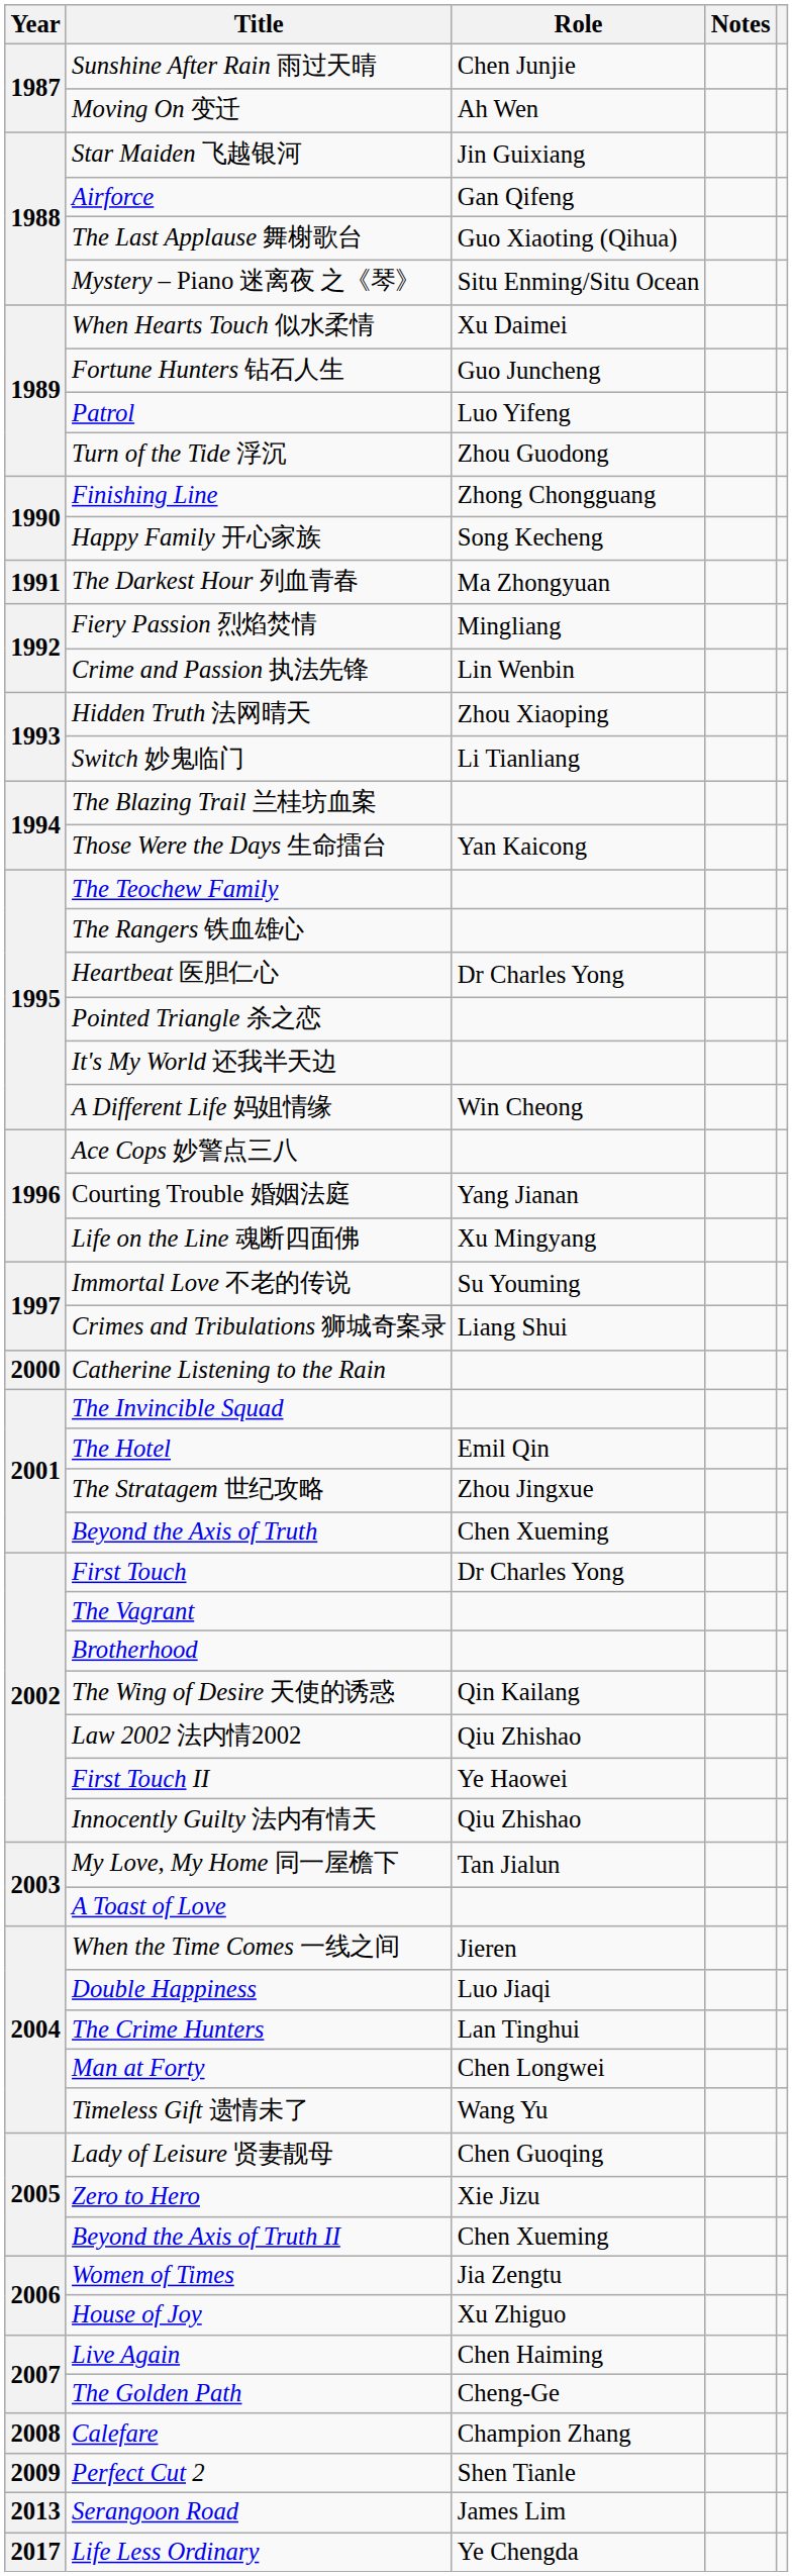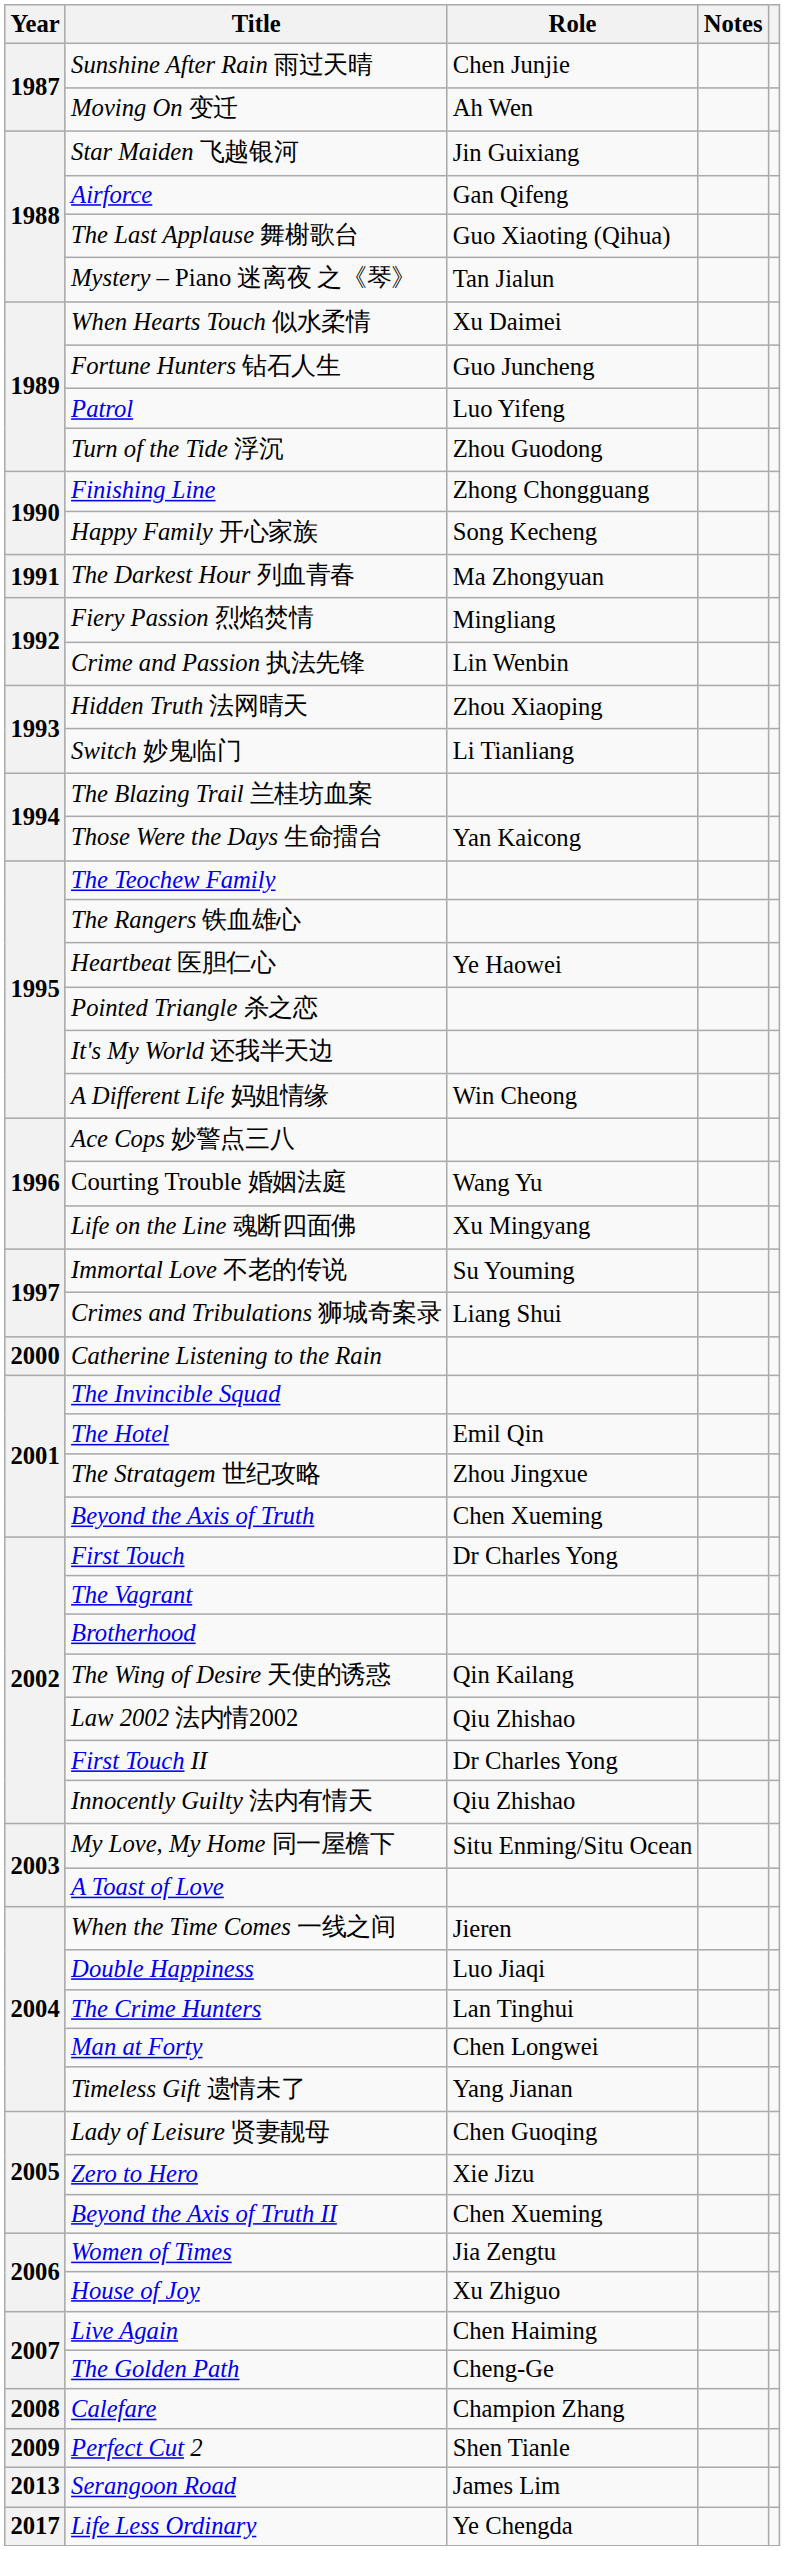 <table class="wikitable sortable plainrowheaders">
 <tr>
 <th scope="col">Year</th>
 <th scope="col">Title</th>
 <th scope="col">Role</th>
 <th scope="col" class="unsortable">Notes</th>
 <th scope="col" class="unsortable"></th>
 </tr>
 <tr>
 <th scope="row" rowspan="2">1987</th>
 <td><em>Sunshine After Rain</em> 雨过天晴</td>
 <td>Chen Junjie</td>
 <td></td>
 <td></td>
 </tr>
 <tr>
 <td><em>Moving On</em> 变迁</td>
 <td>Ah Wen</td>
 <td></td>
 <td></td>
 </tr>
 <tr>
 <th scope="row" rowspan="4">1988</th>
 <td><em>Star Maiden</em> 飞越银河</td>
 <td>Jin Guixiang</td>
 <td></td>
 <td></td>
 </tr>
 <tr>
 <td><em><a href='#'>Airforce</a></em></td>
 <td>Gan Qifeng</td>
 <td></td>
 <td></td>
 </tr>
 <tr>
 <td><em>The Last Applause</em> 舞榭歌台</td>
 <td>Guo Xiaoting (Qihua)</td>
 <td></td>
 <td></td>
 </tr>
 <tr>
 <td><em>Mystery</em> – Piano 迷离夜 之《琴》</td>
-<td>Situ Enming/Situ Ocean</td>
+<td>Tan Jialun</td>
 <td></td>
 <td></td>
 </tr>
 <tr>
 <th scope="row" rowspan="4">1989</th>
 <td><em>When Hearts Touch</em> 似水柔情</td>
 <td>Xu Daimei</td>
 <td></td>
 <td></td>
 </tr>
 <tr>
 <td><em>Fortune Hunters</em> 钻石人生</td>
 <td>Guo Juncheng</td>
 <td></td>
 <td></td>
 </tr>
 <tr>
 <td><em><a href='#'>Patrol</a></em></td>
 <td>Luo Yifeng</td>
 <td></td>
 <td></td>
 </tr>
 <tr>
 <td><em>Turn of the Tide</em> 浮沉</td>
 <td>Zhou Guodong</td>
 <td></td>
 <td></td>
 </tr>
 <tr>
 <th scope="row" rowspan="2">1990</th>
 <td><em><a href='#'>Finishing Line</a></em></td>
 <td>Zhong Chongguang</td>
 <td></td>
 <td></td>
 </tr>
 <tr>
 <td><em>Happy Family</em> 开心家族</td>
 <td>Song Kecheng</td>
 <td></td>
 <td></td>
 </tr>
 <tr>
 <th scope="row">1991</th>
 <td><em>The Darkest Hour</em> 列血青春</td>
 <td>Ma Zhongyuan</td>
 <td></td>
 <td></td>
 </tr>
 <tr>
 <th scope="row" rowspan="2">1992</th>
 <td><em>Fiery Passion</em> 烈焰焚情</td>
 <td>Mingliang</td>
 <td></td>
 <td></td>
 </tr>
 <tr>
 <td><em>Crime and Passion</em> 执法先锋</td>
 <td>Lin Wenbin</td>
 <td></td>
 <td></td>
 </tr>
 <tr>
 <th scope="row" rowspan="2">1993</th>
 <td><em>Hidden Truth</em> 法网晴天</td>
 <td>Zhou Xiaoping</td>
 <td></td>
 <td></td>
 </tr>
 <tr>
 <td><em>Switch</em> 妙鬼临门</td>
 <td>Li Tianliang</td>
 <td></td>
 <td></td>
 </tr>
 <tr>
 <th scope="row" rowspan="2">1994</th>
 <td><em>The Blazing Trail</em> 兰桂坊血案</td>
 <td></td>
 <td></td>
 <td></td>
 </tr>
 <tr>
 <td><em>Those Were the Days</em> 生命擂台</td>
 <td>Yan Kaicong</td>
 <td></td>
 <td></td>
 </tr>
 <tr>
 <th scope="row" rowspan="6">1995</th>
 <td><em><a href='#'>The Teochew Family</a></em></td>
 <td></td>
 <td></td>
 <td></td>
 </tr>
 <tr>
 <td><em>The Rangers</em> 铁血雄心</td>
 <td></td>
 <td></td>
 <td></td>
 </tr>
 <tr>
 <td><em>Heartbeat</em> 医胆仁心</td>
-<td>Dr Charles Yong</td>
+<td>Ye Haowei</td>
 <td></td>
 <td></td>
 </tr>
 <tr>
 <td><em>Pointed Triangle</em> 杀之恋</td>
 <td></td>
 <td></td>
 <td></td>
 </tr>
 <tr>
 <td><em>It's My World</em> 还我半天边</td>
 <td></td>
 <td></td>
 <td></td>
 </tr>
 <tr>
 <td><em>A Different Life</em> 妈姐情缘</td>
 <td>Win Cheong</td>
 <td></td>
 <td></td>
 </tr>
 <tr>
 <th scope="row" rowspan="3">1996</th>
 <td><em>Ace Cops</em> 妙警点三八</td>
 <td></td>
 <td></td>
 <td></td>
 </tr>
 <tr>
 <td>Courting Trouble 婚姻法庭</td>
-<td>Yang Jianan</td>
+<td>Wang Yu</td>
 <td></td>
 <td></td>
 </tr>
 <tr>
 <td><em>Life on the Line</em> 魂断四面佛</td>
 <td>Xu Mingyang</td>
 <td></td>
 <td></td>
 </tr>
 <tr>
 <th scope="row" rowspan="2">1997</th>
 <td><em>Immortal Love</em> 不老的传说</td>
 <td>Su Youming</td>
 <td></td>
 <td></td>
 </tr>
 <tr>
 <td><em>Crimes and Tribulations</em> 狮城奇案录</td>
 <td>Liang Shui</td>
 <td></td>
 <td></td>
 </tr>
 <tr>
 <th scope="row">2000</th>
 <td><em>Catherine Listening to the Rain</em></td>
 <td></td>
 <td></td>
 <td></td>
 </tr>
 <tr>
 <th scope="row" rowspan="4">2001</th>
 <td><em><a href='#'>The Invincible Squad</a></em></td>
 <td></td>
 <td></td>
 <td></td>
 </tr>
 <tr>
 <td><em><a href='#'>The Hotel</a></em></td>
 <td>Emil Qin</td>
 <td></td>
 <td></td>
 </tr>
 <tr>
 <td><em>The Stratagem</em> 世纪攻略</td>
 <td>Zhou Jingxue</td>
 <td></td>
 <td></td>
 </tr>
 <tr>
 <td><em><a href='#'>Beyond the Axis of Truth</a></em></td>
 <td>Chen Xueming</td>
 <td></td>
 <td></td>
 </tr>
 <tr>
 <th scope="row" rowspan="7">2002</th>
 <td><em><a href='#'>First Touch</a></em></td>
 <td>Dr Charles Yong</td>
 <td></td>
 <td></td>
 </tr>
 <tr>
 <td><em><a href='#'>The Vagrant</a></em></td>
 <td></td>
 <td></td>
 <td></td>
 </tr>
 <tr>
 <td><em><a href='#'>Brotherhood</a></em></td>
 <td></td>
 <td></td>
 <td></td>
 </tr>
 <tr>
 <td><em>The Wing of Desire</em> 天使的诱惑</td>
 <td>Qin Kailang</td>
 <td></td>
 <td></td>
 </tr>
 <tr>
 <td><em>Law 2002</em> 法内情2002</td>
 <td>Qiu Zhishao</td>
 <td></td>
 <td></td>
 </tr>
 <tr>
 <td><em><a href='#'>First Touch</a> II</em></td>
-<td>Ye Haowei</td>
+<td>Dr Charles Yong</td>
 <td></td>
 <td></td>
 </tr>
 <tr>
 <td><em>Innocently Guilty</em> 法内有情天</td>
 <td>Qiu Zhishao</td>
 <td></td>
 <td></td>
 </tr>
 <tr>
 <th scope="row" rowspan="2">2003</th>
 <td><em>My Love, My Home</em> 同一屋檐下</td>
-<td>Tan Jialun</td>
+<td>Situ Enming/Situ Ocean</td>
 <td></td>
 <td></td>
 </tr>
 <tr>
 <td><em><a href='#'>A Toast of Love</a></em></td>
 <td></td>
 <td></td>
 <td></td>
 </tr>
 <tr>
 <th scope="row" rowspan="5">2004</th>
 <td><em>When the Time Comes</em> 一线之间</td>
 <td>Jieren</td>
 <td></td>
 <td></td>
 </tr>
 <tr>
 <td><em><a href='#'>Double Happiness</a></em></td>
 <td>Luo Jiaqi</td>
 <td></td>
 <td></td>
 </tr>
 <tr>
 <td><em><a href='#'>The Crime Hunters</a></em></td>
 <td>Lan Tinghui</td>
 <td></td>
 <td></td>
 </tr>
 <tr>
 <td><em><a href='#'>Man at Forty</a></em></td>
 <td>Chen Longwei</td>
 <td></td>
 <td></td>
 </tr>
 <tr>
 <td><em>Timeless Gift</em> 遗情未了</td>
-<td>Wang Yu</td>
+<td>Yang Jianan</td>
 <td></td>
 <td></td>
 </tr>
 <tr>
 <th scope="row" rowspan="3">2005</th>
 <td><em>Lady of Leisure</em> 贤妻靓母</td>
 <td>Chen Guoqing</td>
 <td></td>
 <td></td>
 </tr>
 <tr>
 <td><em><a href='#'>Zero to Hero</a></em></td>
 <td>Xie Jizu</td>
 <td></td>
 <td></td>
 </tr>
 <tr>
 <td><em><a href='#'>Beyond the Axis of Truth II</a></em></td>
 <td>Chen Xueming</td>
 <td></td>
 <td></td>
 </tr>
 <tr>
 <th scope="row" rowspan="2">2006</th>
 <td><em><a href='#'>Women of Times</a></em></td>
 <td>Jia Zengtu</td>
 <td></td>
 <td></td>
 </tr>
 <tr>
 <td><em><a href='#'>House of Joy</a></em></td>
 <td>Xu Zhiguo</td>
 <td></td>
 <td></td>
 </tr>
 <tr>
 <th scope="row" rowspan="2">2007</th>
 <td><em><a href='#'>Live Again</a></em></td>
 <td>Chen Haiming</td>
 <td></td>
 <td></td>
 </tr>
 <tr>
 <td><em><a href='#'>The Golden Path</a></em></td>
 <td>Cheng-Ge</td>
 <td></td>
 <td></td>
 </tr>
 <tr>
 <th scope="row">2008</th>
 <td><em><a href='#'>Calefare</a></em></td>
 <td>Champion Zhang</td>
 <td></td>
 <td></td>
 </tr>
 <tr>
 <th scope="row">2009</th>
 <td><em><a href='#'>Perfect Cut</a> 2</em></td>
 <td>Shen Tianle</td>
 <td></td>
 <td></td>
 </tr>
 <tr>
 <th scope="row">2013</th>
 <td><em><a href='#'>Serangoon Road</a></em></td>
 <td>James Lim</td>
 <td></td>
 <td></td>
 </tr>
 <tr>
 <th scope="row">2017</th>
 <td><em><a href='#'>Life Less Ordinary</a></em></td>
 <td>Ye Chengda</td>
 <td></td>
 <td></td>
 </tr>
 </table>
